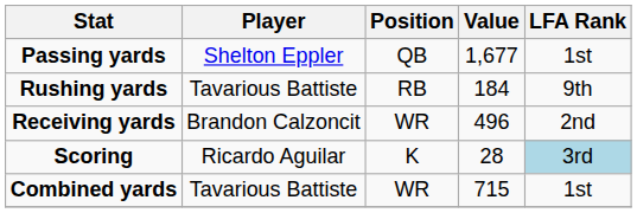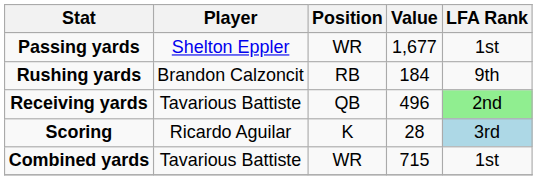 <table class="wikitable" style="text-align:center">
 <tr>
 <th>Stat</th>
 <th>Player</th>
 <th>Position</th>
 <th>Value</th>
 <th>LFA Rank</th>
 </tr>
 <tr>
 <td><strong>Passing yards</strong></td>
 <td><a href='#'>Shelton Eppler</a></td>
-<td>QB</td>
+<td>WR</td>
 <td>1,677</td>
 <td>1st</td>
 </tr>
 <tr>
 <td><strong>Rushing yards</strong></td>
-<td>Tavarious Battiste</td>
+<td>Brandon Calzoncit</td>
 <td>RB</td>
 <td>184</td>
 <td>9th</td>
 </tr>
 <tr>
 <td><strong>Receiving yards</strong></td>
-<td>Brandon Calzoncit</td>
-<td>WR</td>
+<td>Tavarious Battiste</td>
+<td>QB</td>
 <td>496</td>
-<td>2nd</td>
+<td style="background: lightgreen;">2nd</td>
 </tr>
 <tr>
 <td><strong>Scoring</strong></td>
 <td>Ricardo Aguilar</td>
 <td>K</td>
 <td>28</td>
 <td style="background: lightblue;">3rd</td>
 </tr>
 <tr>
 <td><strong>Combined yards</strong></td>
 <td>Tavarious Battiste</td>
 <td>WR</td>
 <td>715</td>
 <td>1st</td>
 </tr>
 <tr>
 </tr>
 </table>
